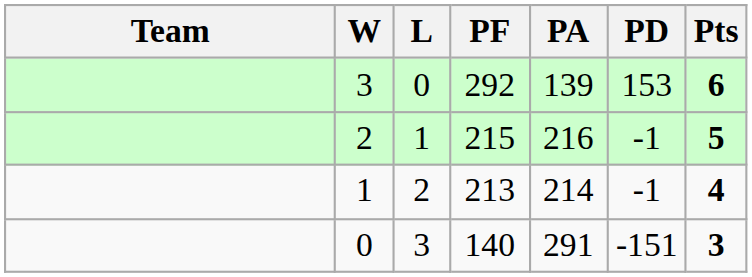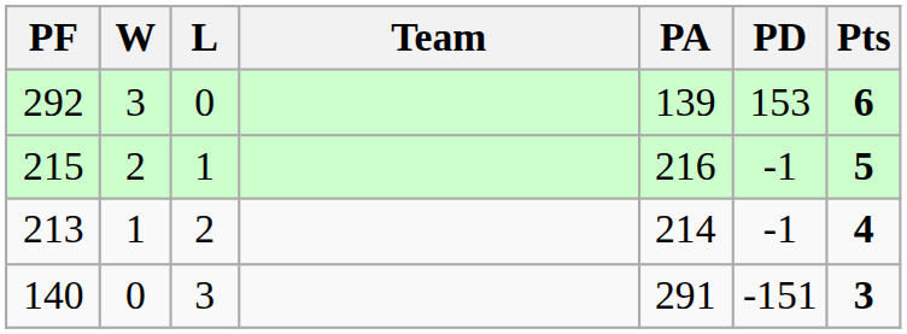 <table class="wikitable" style="text-align:center;">
 <tr>
-<th width=150>Team</th>
+<th width=30>PF</th>
 <th width=20>W</th>
 <th width=20>L</th>
-<th width=30>PF</th>
+<th width=150>Team</th>
 <th width=30>PA</th>
 <th width=30>PD</th>
 <th width=20>Pts</th>
 </tr>
 <tr bgcolor="#ccffcc">
-<td align="left"></td>
+<td>292</td>
 <td>3</td>
 <td>0</td>
-<td>292</td>
+<td align="left"></td>
 <td>139</td>
 <td>153</td>
 <td><strong>6</strong></td>
 </tr>
 <tr bgcolor="#ccffcc">
-<td align="left"></td>
+<td>215</td>
 <td>2</td>
 <td>1</td>
-<td>215</td>
+<td align="left"></td>
 <td>216</td>
 <td>-1</td>
 <td><strong>5</strong></td>
 </tr>
 <tr>
-<td align="left"></td>
+<td>213</td>
 <td>1</td>
 <td>2</td>
-<td>213</td>
+<td align="left"></td>
 <td>214</td>
 <td>-1</td>
 <td><strong>4</strong></td>
 </tr>
 <tr>
-<td align="left"></td>
+<td>140</td>
 <td>0</td>
 <td>3</td>
-<td>140</td>
+<td align="left"></td>
 <td>291</td>
 <td>-151</td>
 <td><strong>3</strong></td>
 </tr>
 </table>
